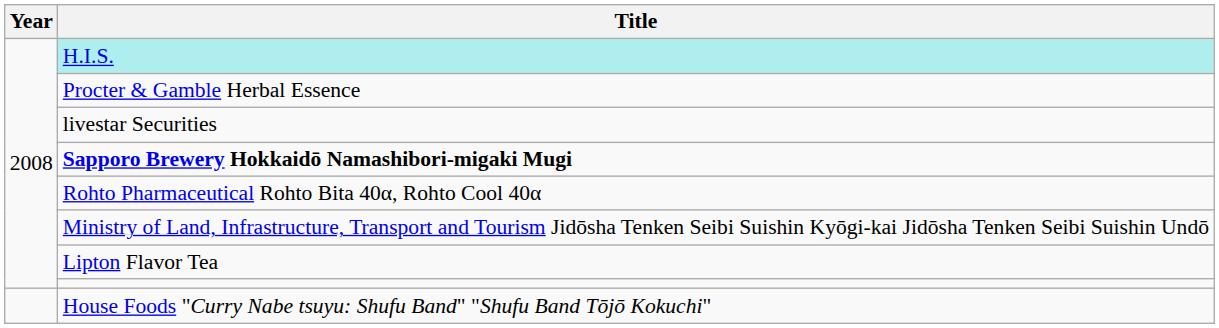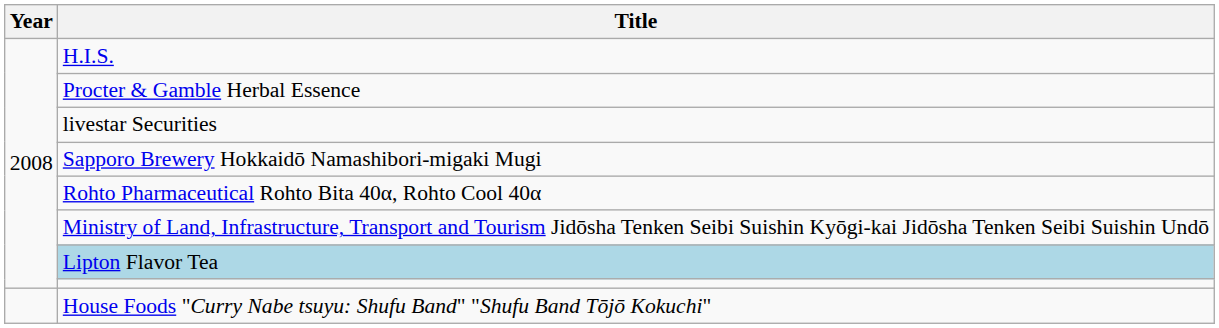 <table class="wikitable">
 <tr>
 <th>Year</th>
 <th>Title</th>
 </tr>
 <tr>
 <td rowspan="8">2008</td>
-<td style="background: paleturquoise;"><a href='#'>H.I.S.</a></td>
+<td><a href='#'>H.I.S.</a></td>
 </tr>
 <tr>
 <td><a href='#'>Procter & Gamble</a> Herbal Essence</td>
 </tr>
 <tr>
 <td>livestar Securities</td>
 </tr>
 <tr>
-<td><strong><a href='#'>Sapporo Brewery</a> Hokkaidō Namashibori-migaki Mugi</strong></td>
+<td><a href='#'>Sapporo Brewery</a> Hokkaidō Namashibori-migaki Mugi</td>
 </tr>
 <tr>
 <td><a href='#'>Rohto Pharmaceutical</a> Rohto Bita 40α, Rohto Cool 40α</td>
 </tr>
 <tr>
 <td><a href='#'>Ministry of Land, Infrastructure, Transport and Tourism</a> Jidōsha Tenken Seibi Suishin Kyōgi-kai Jidōsha Tenken Seibi Suishin Undō</td>
 </tr>
 <tr>
-<td><a href='#'>Lipton</a> Flavor Tea</td>
+<td style="background: lightblue;"><a href='#'>Lipton</a> Flavor Tea</td>
 </tr>
 <tr>
 <td></td>
 </tr>
 <tr>
 <td></td>
 <td><a href='#'>House Foods</a> "<em>Curry Nabe tsuyu: Shufu Band</em>" "<em>Shufu Band Tōjō Kokuchi</em>"</td>
 </tr>
 </table>
